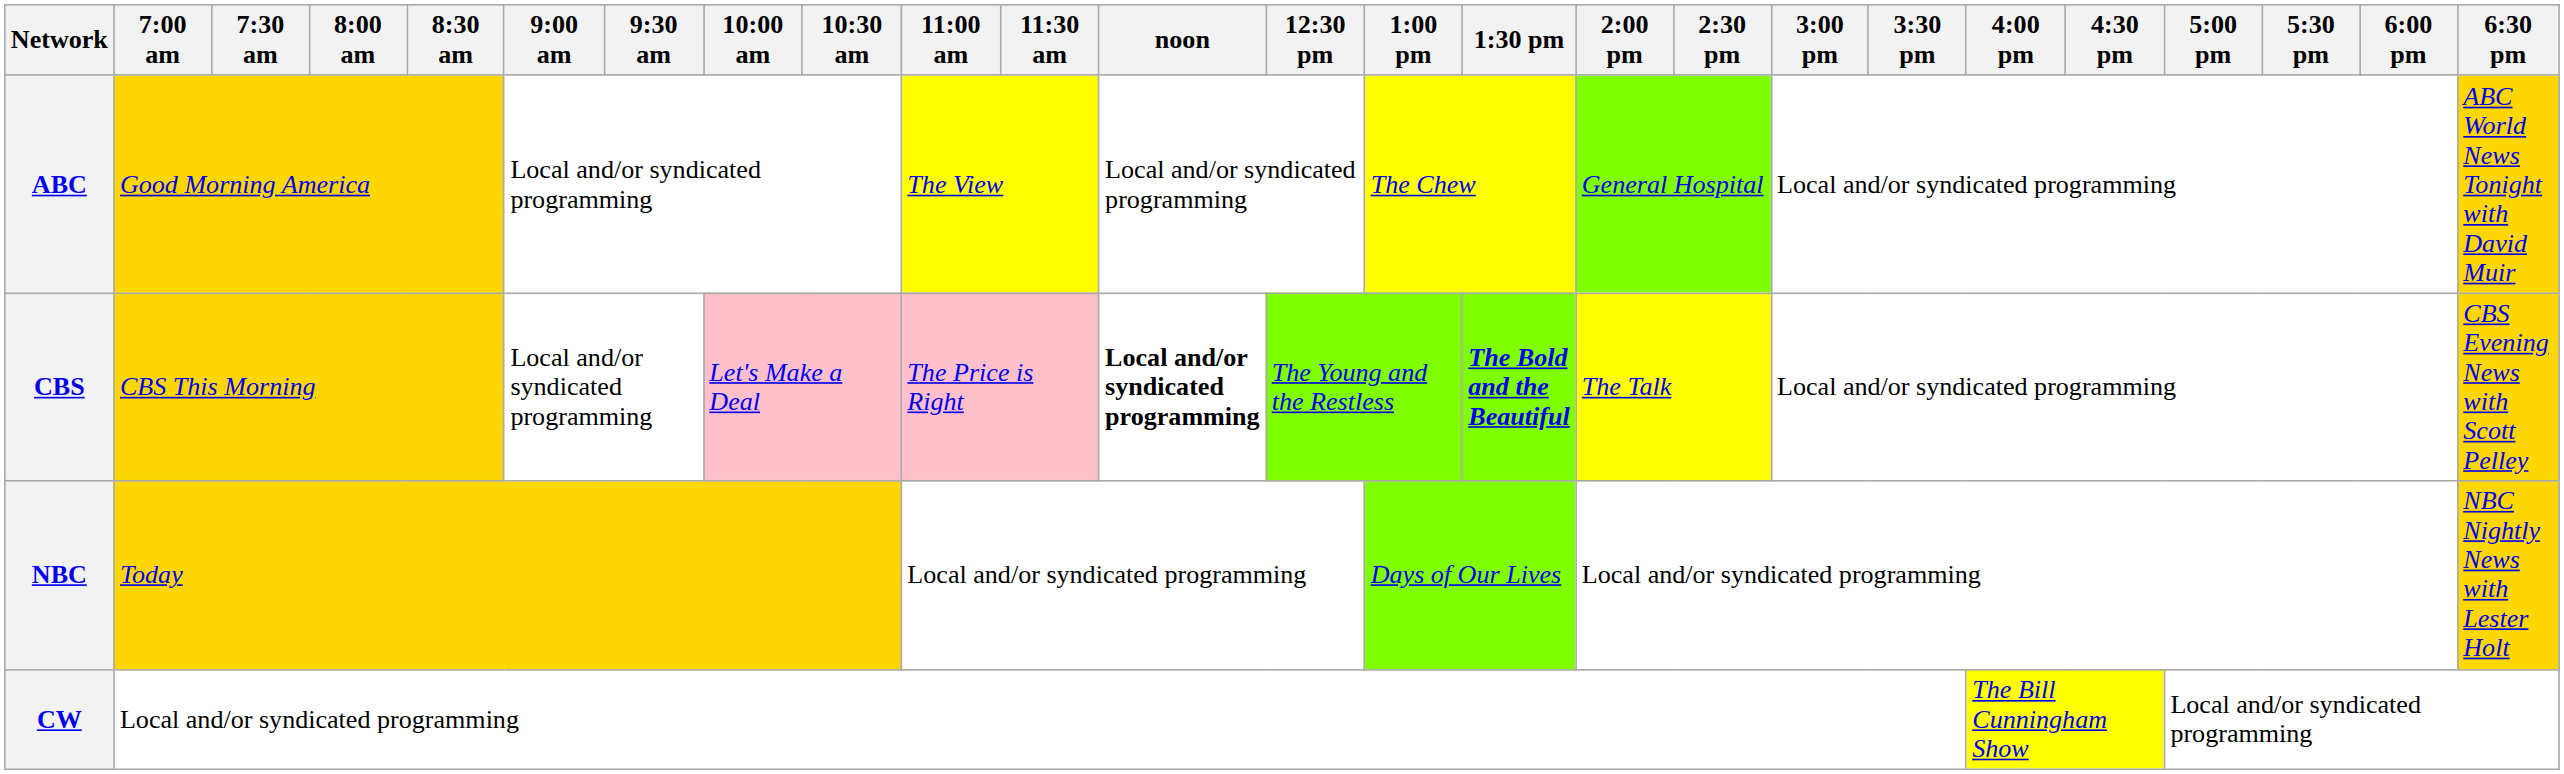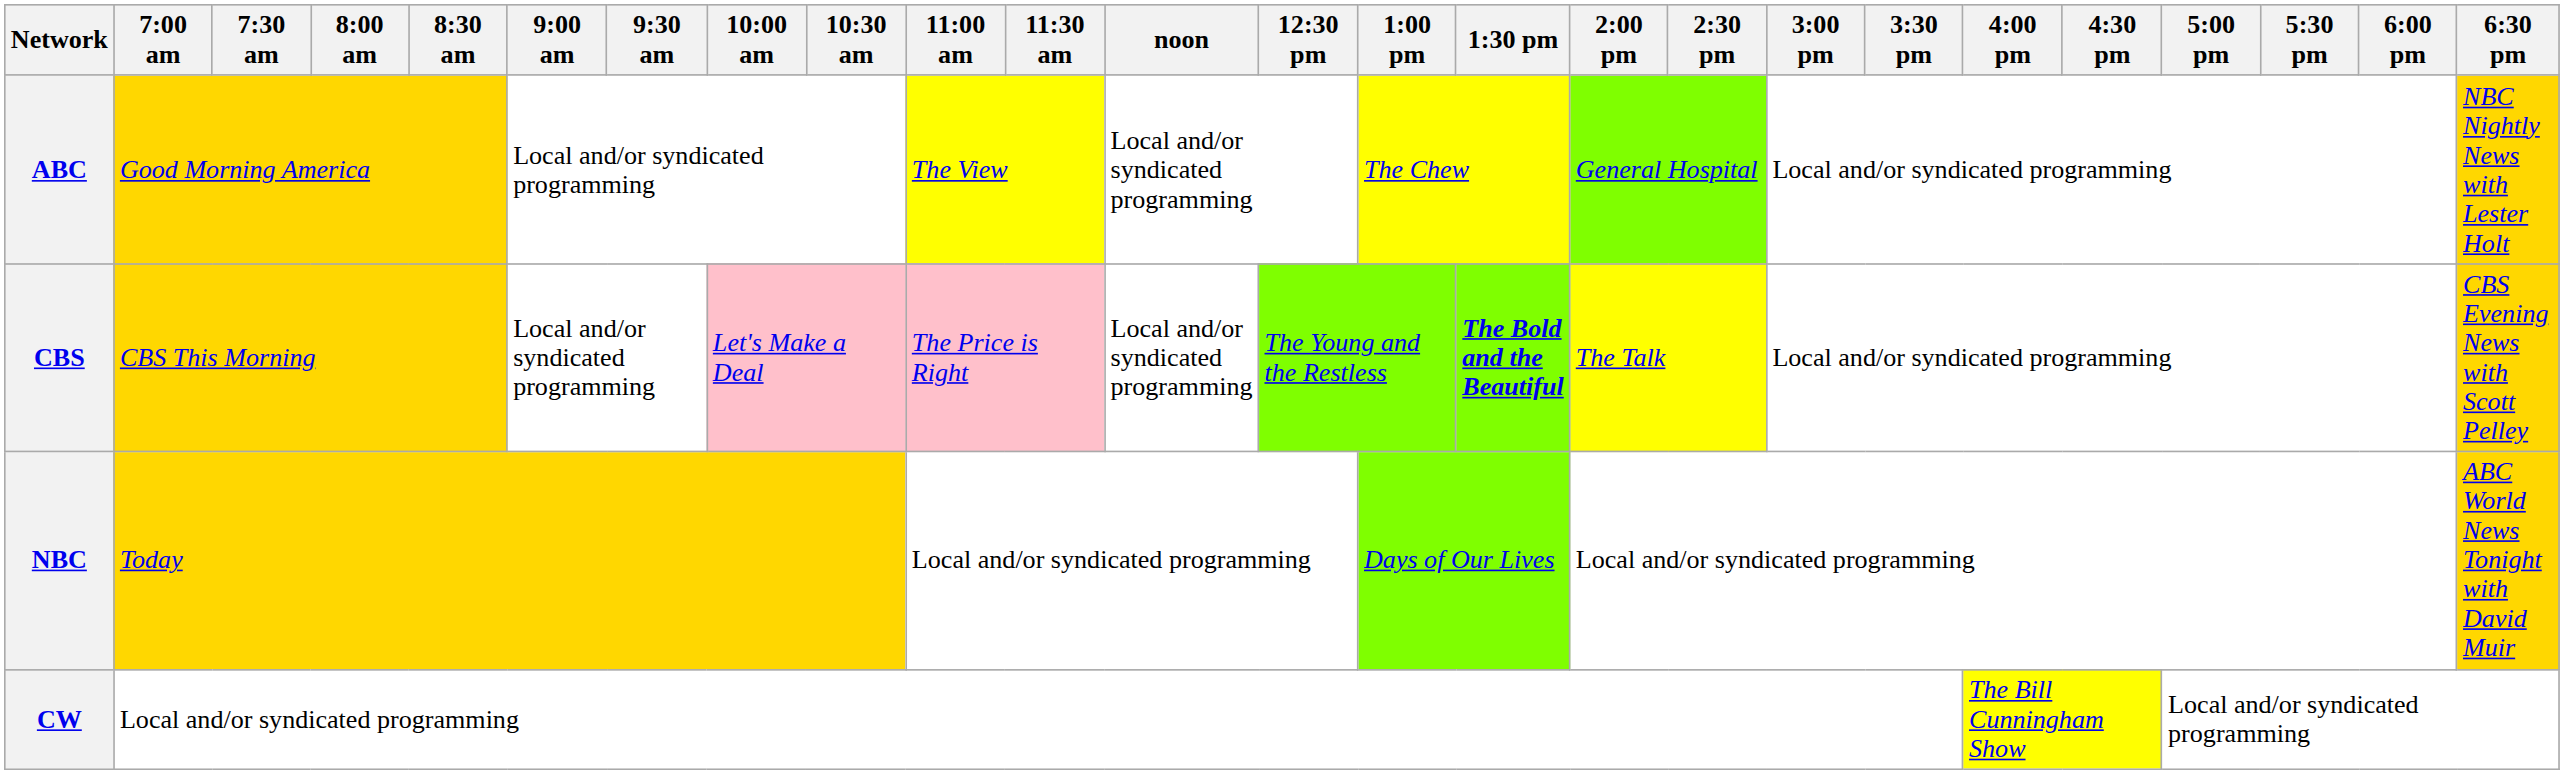 <table class=wikitable>
 <tr>
 <th width="1.5%" bgcolor="#C0C0C0" colspan="2">Network</th>
 <th width="4%" bgcolor="#C0C0C0">7:00 am</th>
 <th width="4%" bgcolor="#C0C0C0">7:30 am</th>
 <th width="4%" bgcolor="#C0C0C0">8:00 am</th>
 <th width="4%" bgcolor="#C0C0C0">8:30 am</th>
 <th width="4%" bgcolor="#C0C0C0">9:00 am</th>
 <th width="4%" bgcolor="#C0C0C0">9:30 am</th>
 <th width="4%" bgcolor="#C0C0C0">10:00 am</th>
 <th width="4%" bgcolor="#C0C0C0">10:30 am</th>
 <th width="4%" bgcolor="#C0C0C0">11:00 am</th>
 <th width="4%" bgcolor="#C0C0C0">11:30 am</th>
 <th width="4%" bgcolor="#C0C0C0">noon</th>
 <th width="4%" bgcolor="#C0C0C0">12:30 pm</th>
 <th width="4%" bgcolor="#C0C0C0">1:00 pm</th>
 <th width="4%" bgcolor="#C0C0C0">1:30 pm</th>
 <th width="4%" bgcolor="#C0C0C0">2:00 pm</th>
 <th width="4%" bgcolor="#C0C0C0">2:30 pm</th>
 <th width="4%" bgcolor="#C0C0C0">3:00 pm</th>
 <th width="4%" bgcolor="#C0C0C0">3:30 pm</th>
 <th width="4%" bgcolor="#C0C0C0">4:00 pm</th>
 <th width="4%" bgcolor="#C0C0C0">4:30 pm</th>
 <th width="4%" bgcolor="#C0C0C0">5:00 pm</th>
 <th width="4%" bgcolor="#C0C0C0">5:30 pm</th>
 <th width="4%" bgcolor="#C0C0C0">6:00 pm</th>
 <th width="4%" bgcolor="#C0C0C0">6:30 pm</th>
 </tr>
 <tr>
 <th bgcolor="#C0C0C0" colspan="2"><a href='#'>ABC</a></th>
 <td bgcolor="gold" colspan="4"><em><a href='#'>Good Morning America</a></em></td>
 <td bgcolor="white" colspan="4">Local and/or syndicated programming</td>
 <td bgcolor="yellow" colspan="2"><em><a href='#'>The View</a></em></td>
 <td bgcolor="white" colspan="2">Local and/or syndicated programming</td>
 <td bgcolor="yellow" colspan="2"><em><a href='#'>The Chew</a></em></td>
 <td bgcolor="chartreuse" colspan="2"><em><a href='#'>General Hospital</a></em></td>
 <td bgcolor="white" colspan="7">Local and/or syndicated programming</td>
-<td bgcolor="gold"><em><a href='#'>ABC World News Tonight with David Muir</a></em></td>
+<td bgcolor="gold"><em><a href='#'>NBC Nightly News with Lester Holt</a></em></td>
 </tr>
 <tr>
 <th bgcolor="#C0C0C0" colspan="2"><a href='#'>CBS</a></th>
 <td bgcolor="gold" colspan="4"><em><a href='#'>CBS This Morning</a></em></td>
 <td bgcolor="white" colspan="2">Local and/or syndicated programming</td>
 <td bgcolor="pink" colspan="2"><em><a href='#'>Let's Make a Deal</a></em></td>
 <td bgcolor="pink" colspan="2"><em><a href='#'>The Price is Right</a></em></td>
-<td bgcolor="white"><strong>Local and/or syndicated programming</strong></td>
+<td bgcolor="white">Local and/or syndicated programming</td>
 <td bgcolor="chartreuse" colspan="2"><em><a href='#'>The Young and the Restless</a></em></td>
 <td bgcolor="chartreuse"><strong><em><a href='#'>The Bold and the Beautiful</a></em></strong></td>
 <td bgcolor="yellow" colspan="2"><em><a href='#'>The Talk</a></em></td>
 <td bgcolor="white" colspan="7">Local and/or syndicated programming</td>
 <td bgcolor="gold"><em><a href='#'>CBS Evening News with Scott Pelley</a></em></td>
 </tr>
 <tr>
 <th bgcolor="#C0C0C0" colspan="2"><a href='#'>NBC</a></th>
 <td bgcolor="gold" colspan="8"><em><a href='#'>Today</a></em></td>
 <td bgcolor="white" colspan="4">Local and/or syndicated programming</td>
 <td bgcolor="chartreuse" colspan="2"><em><a href='#'>Days of Our Lives</a></em></td>
 <td bgcolor="white" colspan="9">Local and/or syndicated programming</td>
-<td bgcolor="gold"><em><a href='#'>NBC Nightly News with Lester Holt</a></em></td>
+<td bgcolor="gold"><em><a href='#'>ABC World News Tonight with David Muir</a></em></td>
 </tr>
 <tr>
 <th bgcolor="#C0C0C0" colspan="2"><a href='#'>CW</a></th>
 <td bgcolor="white" colspan="18">Local and/or syndicated programming</td>
 <td bgcolor="yellow" colspan="2"><em><a href='#'>The Bill Cunningham Show</a></em></td>
 <td bgcolor="white" colspan="4">Local and/or syndicated programming</td>
 </tr>
 </table>
